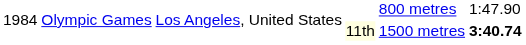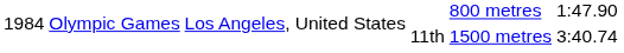 <table>
 <tr>
 <td rowspan=2>1984</td>
 <td rowspan=2><a href='#'>Olympic Games</a></td>
 <td rowspan=2><a href='#'>Los Angeles</a>, United States</td>
 <td></td>
 <td><a href='#'>800 metres</a></td>
 <td>1:47.90</td>
 <td></td>
 </tr>
 <tr>
-<td style="background: lightyellow;">11th</td>
+<td>11th</td>
 <td><a href='#'>1500 metres</a></td>
-<td><strong>3:40.74</strong></td>
+<td>3:40.74</td>
 <td></td>
 </tr>
 </table>
